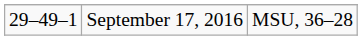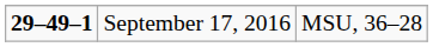 <table class="wikitable">
 <tr align="center">
 </tr>
 <tr align="center">
-<td>29–49–1</td>
+<td><strong>29–49–1</strong></td>
 <td>September 17, 2016</td>
 <td>MSU, 36–28</td>
 </tr>
 </table>
